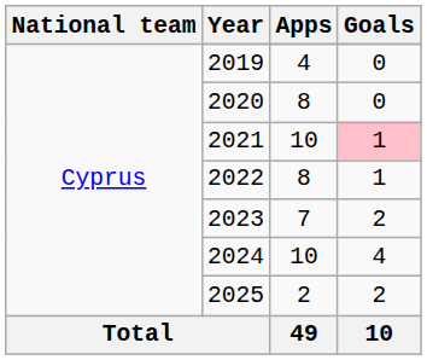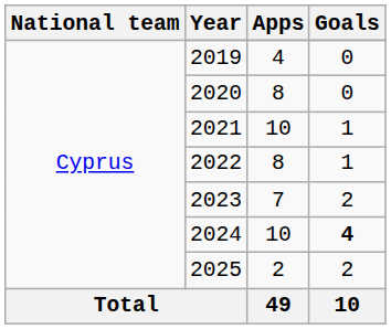 <table class="wikitable" style="text-align:center">
 <tr>
 <th>National team</th>
 <th>Year</th>
 <th>Apps</th>
 <th>Goals</th>
 </tr>
 <tr>
 <td rowspan="8"><a href='#'>Cyprus</a></td>
 </tr>
 <tr>
 <td>2019</td>
 <td>4</td>
 <td>0</td>
 </tr>
 <tr>
 <td>2020</td>
 <td>8</td>
 <td>0</td>
 </tr>
 <tr>
 <td>2021</td>
 <td>10</td>
-<td style="background: pink;">1</td>
+<td>1</td>
 </tr>
 <tr>
 <td>2022</td>
 <td>8</td>
 <td>1</td>
 </tr>
 <tr>
 <td>2023</td>
 <td>7</td>
 <td>2</td>
 </tr>
 <tr>
 <td>2024</td>
 <td>10</td>
-<td>4</td>
+<td><strong>4</strong></td>
 </tr>
 <tr>
 <td>2025</td>
 <td>2</td>
 <td>2</td>
 </tr>
 <tr>
 <th colspan="2">Total</th>
 <th>49</th>
 <th>10</th>
 </tr>
 </table>
